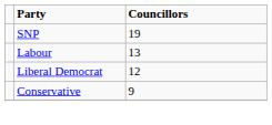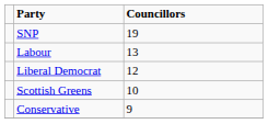 <table class="wikitable">
 <tr>
 <td width="5"></td>
 <td width="140"><strong>Party</strong></td>
 <td width="180"><strong>Councillors</strong></td>
 </tr>
 <tr>
 <td style="color:inherit;background:"></td>
 <td><a href='#'>SNP</a></td>
 <td>19</td>
 </tr>
 <tr>
 <td style="color:inherit;background:"></td>
 <td><a href='#'>Labour</a></td>
 <td>13</td>
 </tr>
 <tr>
 <td style="color:inherit;background:"></td>
 <td><a href='#'>Liberal Democrat</a></td>
 <td>12</td>
 </tr>
 <tr>
 <td style="color:inherit;background:"></td>
+<td><a href='#'>Scottish Greens</a></td>
+<td>10</td>
+</tr>
+<tr>
+<td style="color:inherit;background:"></td>
 <td><a href='#'>Conservative</a></td>
 <td>9</td>
 </tr>
 <tr>
 </tr>
 </table>
